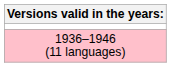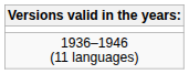 <table class="wikitable" style="margin:0.3em auto">
 <tr>
 <th class="hintergrundfarbe8" colspan="1">Versions valid in the years:</th>
 </tr>
 <tr align="center" bgcolor="#FFFFFF">
 <td></td>
 </tr>
 <tr class="hintergrundfarbe8" align="center">
-<td style="background: pink;">1936–1946<br>(11 languages)</td>
+<td>1936–1946<br>(11 languages)</td>
 </tr>
 </table>
